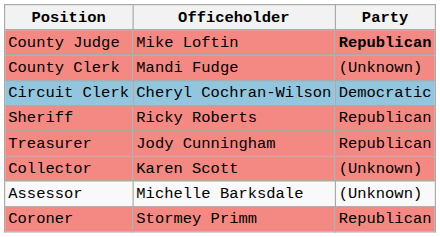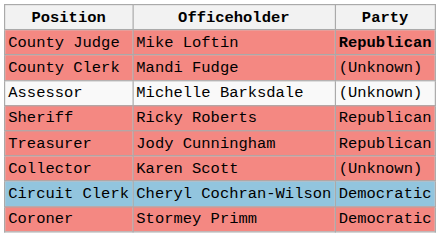 <table class="wikitable">
 <tr>
 <th>Position</th>
 <th>Officeholder</th>
 <th>Party</th>
 </tr>
 <tr style="background-color:#F48882;">
 <td>County Judge</td>
 <td>Mike Loftin</td>
 <td><strong>Republican</strong></td>
 </tr>
 <tr style="background-color:#F48882;">
 <td>County Clerk</td>
 <td>Mandi Fudge</td>
 <td>(Unknown)</td>
 </tr>
-<tr style="background-color:#92C5DE;">
-<td>Circuit Clerk</td>
-<td>Cheryl Cochran-Wilson</td>
-<td>Democratic</td>
+<tr>
+<td>Assessor</td>
+<td>Michelle Barksdale</td>
+<td>(Unknown)</td>
 </tr>
 <tr style="background-color:#F48882;">
 <td>Sheriff</td>
 <td>Ricky Roberts</td>
 <td>Republican</td>
 </tr>
 <tr style="background-color:#F48882;">
 <td>Treasurer</td>
 <td>Jody Cunningham</td>
 <td>Republican</td>
 </tr>
 <tr style="background-color:#F48882;">
 <td>Collector</td>
 <td>Karen Scott</td>
 <td>(Unknown)</td>
 </tr>
-<tr>
-<td>Assessor</td>
-<td>Michelle Barksdale</td>
-<td>(Unknown)</td>
+<tr style="background-color:#92C5DE;">
+<td>Circuit Clerk</td>
+<td>Cheryl Cochran-Wilson</td>
+<td>Democratic</td>
 </tr>
 <tr style="background-color:#F48882;">
 <td>Coroner</td>
 <td>Stormey Primm</td>
-<td>Republican</td>
+<td>Democratic</td>
 </tr>
 </table>
